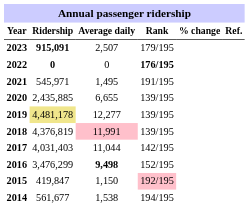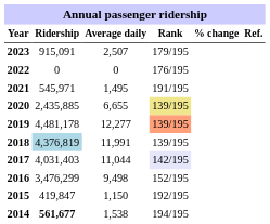 <table class="toccolours" cellpadding="4" cellspacing="0" style="text-align:right;">
 <tr>
 <th colspan="6"  style="background-color:#ccf; background-color:#ccf; font-size:110%; text-align:center;">Annual passenger ridership</th>
 </tr>
 <tr style="font-size:95%; text-align:center">
 <th style="border-bottom:1px solid black">Year</th>
 <th style="border-bottom:1px solid black">Ridership</th>
 <th style="border-bottom:1px solid black">Average daily</th>
 <th style="border-bottom:1px solid black">Rank</th>
 <th style="border-bottom:1px solid black">% change</th>
 <th style="border-bottom:1px solid black">Ref.</th>
 </tr>
 <tr style="text-align:center;">
 <td><strong>2023</strong></td>
-<td><strong>915,091</strong></td>
+<td>915,091</td>
 <td>2,507</td>
 <td>179/195</td>
 <td></td>
 <td></td>
 </tr>
 <tr style="text-align:center;">
 <td><strong>2022</strong></td>
-<td><strong>0</strong></td>
 <td>0</td>
-<td><strong>176/195</strong></td>
+<td>0</td>
+<td>176/195</td>
 <td></td>
 <td></td>
 </tr>
 <tr style="text-align:center;">
 <td><strong>2021</strong></td>
 <td>545,971</td>
 <td>1,495</td>
 <td>191/195</td>
 <td></td>
 <td></td>
 </tr>
 <tr style="text-align:center;">
 <td><strong>2020</strong></td>
 <td>2,435,885</td>
 <td>6,655</td>
-<td>139/195</td>
+<td style="background: khaki;">139/195</td>
 <td></td>
 <td></td>
 </tr>
 <tr style="text-align:center;">
 <td><strong>2019</strong></td>
-<td style="background: khaki;">4,481,178</td>
+<td>4,481,178</td>
 <td>12,277</td>
-<td>139/195</td>
+<td style="background: lightsalmon;">139/195</td>
 <td></td>
 <td></td>
 </tr>
 <tr style="text-align:center;">
 <td><strong>2018</strong></td>
-<td>4,376,819</td>
-<td style="background: pink;">11,991</td>
+<td style="background: lightblue;">4,376,819</td>
+<td>11,991</td>
 <td>139/195</td>
 <td></td>
 <td></td>
 </tr>
 <tr style="text-align:center;">
 <td><strong>2017</strong></td>
 <td>4,031,403</td>
 <td>11,044</td>
-<td>142/195</td>
+<td style="background: lavender;">142/195</td>
 <td></td>
 <td></td>
 </tr>
 <tr style="text-align:center;">
 <td><strong>2016</strong></td>
 <td>3,476,299</td>
-<td><strong>9,498</strong></td>
+<td>9,498</td>
 <td>152/195</td>
 <td></td>
 <td></td>
 </tr>
 <tr style="text-align:center;">
 <td><strong>2015</strong></td>
 <td>419,847</td>
 <td>1,150</td>
-<td style="background: pink;">192/195</td>
+<td>192/195</td>
 <td></td>
 <td></td>
 </tr>
 <tr style="text-align:center;">
 <td><strong>2014</strong></td>
-<td>561,677</td>
+<td><strong>561,677</strong></td>
 <td>1,538</td>
 <td>194/195</td>
 <td></td>
 <td></td>
 </tr>
 </table>
